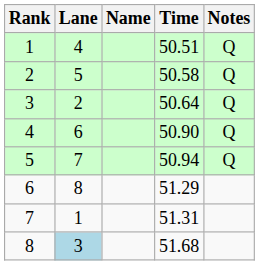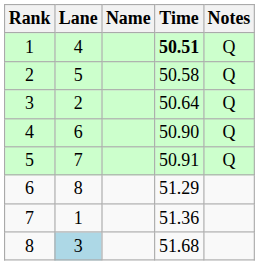 <table class="wikitable sortable" style="text-align:center">
 <tr>
 <th>Rank</th>
 <th>Lane</th>
 <th>Name</th>
 <th>Time</th>
 <th>Notes</th>
 </tr>
 <tr bgcolor=ccffcc>
 <td>1</td>
 <td>4</td>
 <td align=left></td>
-<td>50.51</td>
+<td><strong>50.51</strong></td>
 <td>Q</td>
 </tr>
 <tr bgcolor=ccffcc>
 <td>2</td>
 <td>5</td>
 <td align=left></td>
 <td>50.58</td>
 <td>Q</td>
 </tr>
 <tr bgcolor=ccffcc>
 <td>3</td>
 <td>2</td>
 <td align=left></td>
 <td>50.64</td>
 <td>Q</td>
 </tr>
 <tr bgcolor=ccffcc>
 <td>4</td>
 <td>6</td>
 <td align=left></td>
 <td>50.90</td>
 <td>Q</td>
 </tr>
 <tr bgcolor=ccffcc>
 <td>5</td>
 <td>7</td>
 <td align=left></td>
-<td>50.94</td>
+<td>50.91</td>
 <td>Q</td>
 </tr>
 <tr>
 <td>6</td>
 <td>8</td>
 <td align=left></td>
 <td>51.29</td>
 <td></td>
 </tr>
 <tr>
 <td>7</td>
 <td>1</td>
 <td align=left></td>
-<td>51.31</td>
+<td>51.36</td>
 <td></td>
 </tr>
 <tr>
 <td>8</td>
 <td style="background: lightblue;">3</td>
 <td align=left></td>
 <td>51.68</td>
 <td></td>
 </tr>
 </table>
